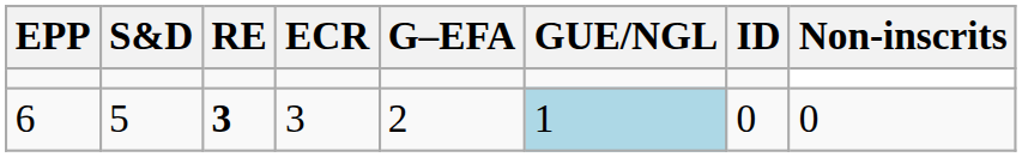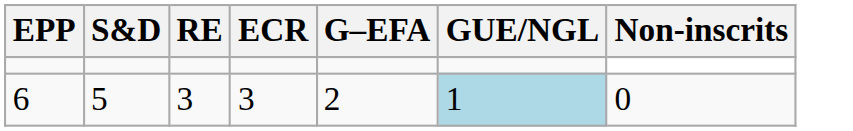 <table class="wikitable">
 <tr>
 <th>EPP</th>
 <th>S&D</th>
 <th>RE</th>
 <th>ECR</th>
 <th>G–EFA</th>
 <th>GUE/NGL</th>
-<th>ID</th>
 <th>Non-inscrits</th>
 </tr>
 <tr>
-<td style="background:"></td>
 <td style="background:"></td>
 <td style="background:"></td>
 <td style="background:"></td>
 <td style="background:"></td>
 <td style="background:"></td>
 <td style="background:"></td>
 <td style="background:white"></td>
 </tr>
 <tr>
 <td>6</td>
 <td>5</td>
-<td><strong>3</strong></td>
+<td>3</td>
 <td>3</td>
 <td>2</td>
 <td style="background: lightblue;">1</td>
 <td>0</td>
-<td>0</td>
 </tr>
 </table>
